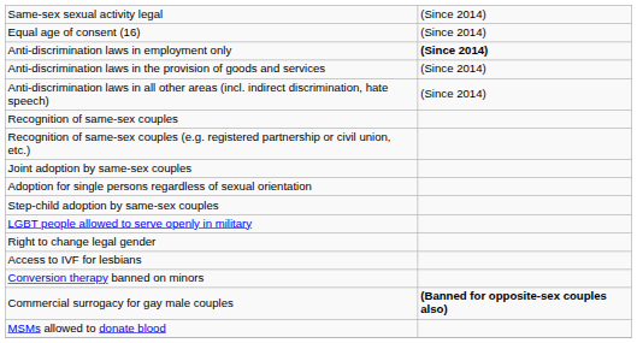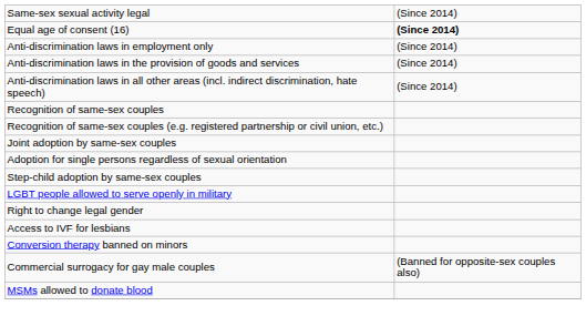 <table class="wikitable">
 <tr>
 <td>Same-sex sexual activity legal</td>
 <td> (Since 2014)</td>
 </tr>
 <tr>
 <td>Equal age of consent (16)</td>
-<td> (Since 2014)</td>
+<td><strong> (Since 2014)</strong></td>
 </tr>
 <tr>
 <td>Anti-discrimination laws in employment only</td>
-<td><strong> (Since 2014)</strong></td>
+<td> (Since 2014)</td>
 </tr>
 <tr>
 <td>Anti-discrimination laws in the provision of goods and services</td>
 <td> (Since 2014)</td>
 </tr>
 <tr>
 <td>Anti-discrimination laws in all other areas (incl. indirect discrimination, hate speech)</td>
 <td> (Since 2014)</td>
 </tr>
 <tr>
 <td>Recognition of same-sex couples</td>
 <td></td>
 </tr>
 <tr>
 <td>Recognition of same-sex couples (e.g. registered partnership or civil union, etc.)</td>
 <td></td>
 </tr>
 <tr>
 <td>Joint adoption by same-sex couples</td>
 <td></td>
 </tr>
 <tr>
 <td>Adoption for single persons regardless of sexual orientation</td>
 <td></td>
 </tr>
 <tr>
 <td>Step-child adoption by same-sex couples</td>
 <td></td>
 </tr>
 <tr>
 <td><a href='#'>LGBT people allowed to serve openly in military</a></td>
 <td></td>
 </tr>
 <tr>
 <td>Right to change legal gender</td>
 <td></td>
 </tr>
 <tr>
 <td>Access to IVF for lesbians</td>
 <td></td>
 </tr>
 <tr>
 <td><a href='#'>Conversion therapy</a> banned on minors</td>
 <td></td>
 </tr>
 <tr>
 <td>Commercial surrogacy for gay male couples</td>
-<td><strong> (Banned for opposite-sex couples also)</strong></td>
+<td> (Banned for opposite-sex couples also)</td>
 </tr>
 <tr>
 <td><a href='#'>MSMs</a> allowed to <a href='#'>donate blood</a></td>
 <td></td>
 </tr>
 <tr>
 </tr>
 </table>
